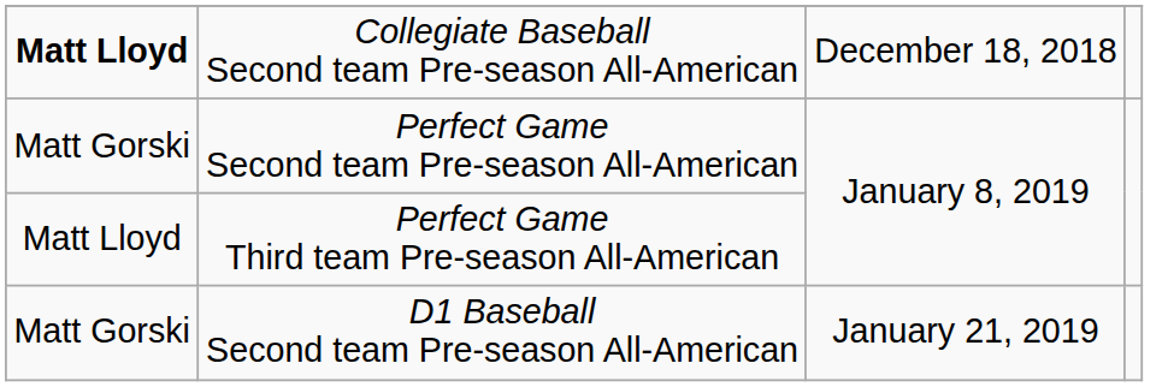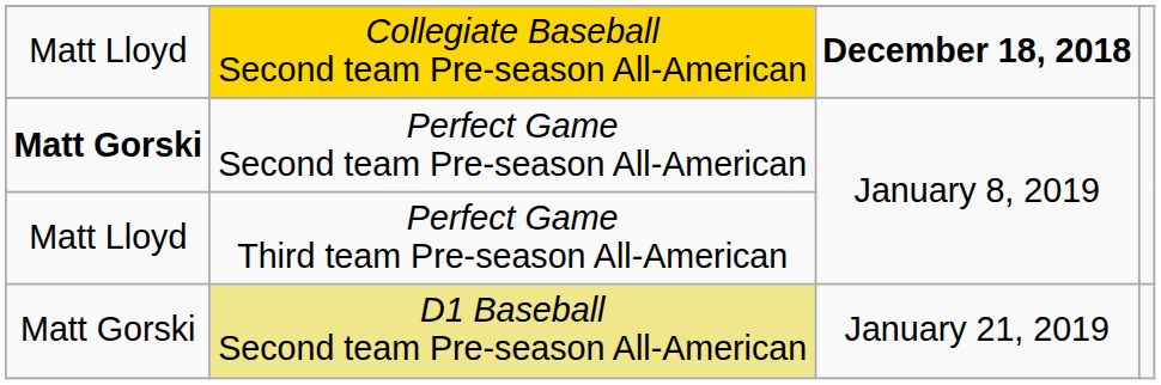 <table class="wikitable sortable" style="text-align: center">
 <tr align=center>
 </tr>
 <tr>
-<td><strong>Matt Lloyd</strong></td>
-<td rowspan="1"><em>Collegiate Baseball</em><br>Second team Pre-season All-American</td>
-<td rowspan="1">December 18, 2018</td>
+<td>Matt Lloyd</td>
+<td rowspan="1" style="background: gold;"><em>Collegiate Baseball</em><br>Second team Pre-season All-American</td>
+<td rowspan="1"><strong>December 18, 2018</strong></td>
 <td rowspan="1"></td>
 </tr>
 <tr>
-<td>Matt Gorski</td>
+<td><strong>Matt Gorski</strong></td>
 <td rowspan="1"><em>Perfect Game</em><br>Second team Pre-season All-American</td>
 <td rowspan="2">January 8, 2019</td>
 <td rowspan="2"></td>
 </tr>
 <tr>
 <td>Matt Lloyd</td>
 <td rowspan="1"><em>Perfect Game</em><br>Third team Pre-season All-American</td>
 </tr>
 <tr>
 <td>Matt Gorski</td>
-<td rowspan="1"><em>D1 Baseball</em><br>Second team Pre-season All-American</td>
+<td rowspan="1" style="background: khaki;"><em>D1 Baseball</em><br>Second team Pre-season All-American</td>
 <td rowspan="1">January 21, 2019</td>
 <td rowspan="1"></td>
 </tr>
 </table>
